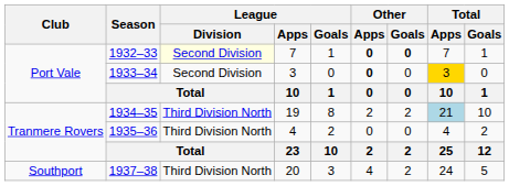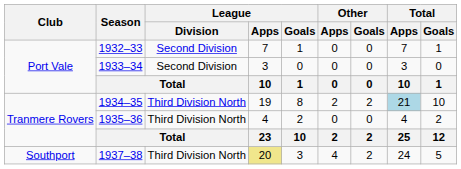 <table class="wikitable" style="text-align: center;">
 <tr>
 <th rowspan="2">Club</th>
 <th rowspan="2">Season</th>
 <th colspan="3">League</th>
 <th colspan="2">Other</th>
 <th colspan="2">Total</th>
 </tr>
 <tr>
 <th>Division</th>
 <th>Apps</th>
 <th>Goals</th>
 <th>Apps</th>
 <th>Goals</th>
 <th>Apps</th>
 <th>Goals</th>
 </tr>
 <tr>
 <td rowspan="3"><a href='#'>Port Vale</a></td>
 <td><a href='#'>1932–33</a></td>
-<td style="background: lightyellow;"><a href='#'>Second Division</a></td>
+<td><a href='#'>Second Division</a></td>
 <td>7</td>
 <td>1</td>
-<td><strong>0</strong></td>
-<td><strong>0</strong></td>
+<td>0</td>
+<td>0</td>
 <td>7</td>
 <td>1</td>
 </tr>
 <tr>
 <td><a href='#'>1933–34</a></td>
 <td>Second Division</td>
 <td>3</td>
 <td>0</td>
-<td><strong>0</strong></td>
 <td>0</td>
-<td style="background: gold;">3</td>
+<td>0</td>
+<td>3</td>
 <td>0</td>
 </tr>
 <tr>
 <th colspan="2">Total</th>
 <th>10</th>
 <th>1</th>
 <th>0</th>
 <th>0</th>
 <th>10</th>
 <th>1</th>
 </tr>
 <tr>
 <td rowspan="3"><a href='#'>Tranmere Rovers</a></td>
 <td><a href='#'>1934–35</a></td>
 <td><a href='#'>Third Division North</a></td>
 <td>19</td>
 <td>8</td>
 <td>2</td>
 <td>2</td>
 <td style="background: lightblue;">21</td>
 <td>10</td>
 </tr>
 <tr>
 <td><a href='#'>1935–36</a></td>
 <td>Third Division North</td>
 <td>4</td>
 <td>2</td>
 <td>0</td>
 <td>0</td>
 <td>4</td>
 <td>2</td>
 </tr>
 <tr>
 <th colspan="2">Total</th>
 <th>23</th>
 <th>10</th>
 <th>2</th>
 <th>2</th>
 <th>25</th>
 <th>12</th>
 </tr>
 <tr>
 <td><a href='#'>Southport</a></td>
 <td><a href='#'>1937–38</a></td>
 <td>Third Division North</td>
-<td>20</td>
+<td style="background: khaki;">20</td>
 <td>3</td>
 <td>4</td>
 <td>2</td>
 <td>24</td>
 <td>5</td>
 </tr>
 </table>
